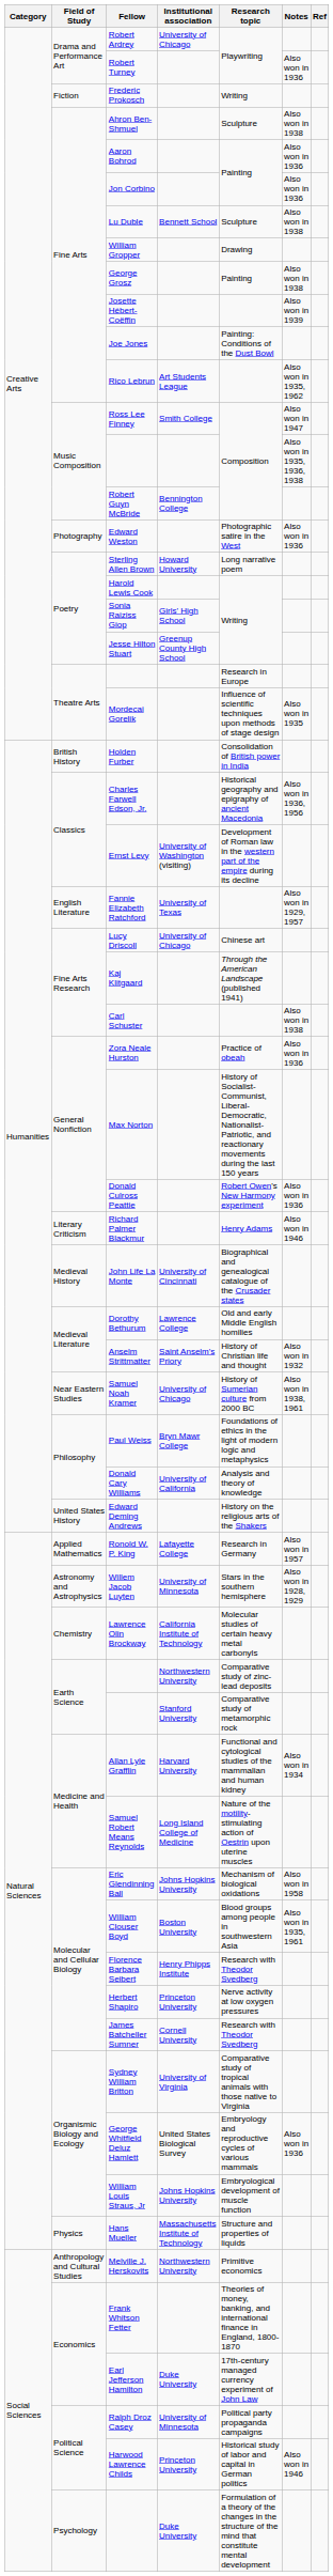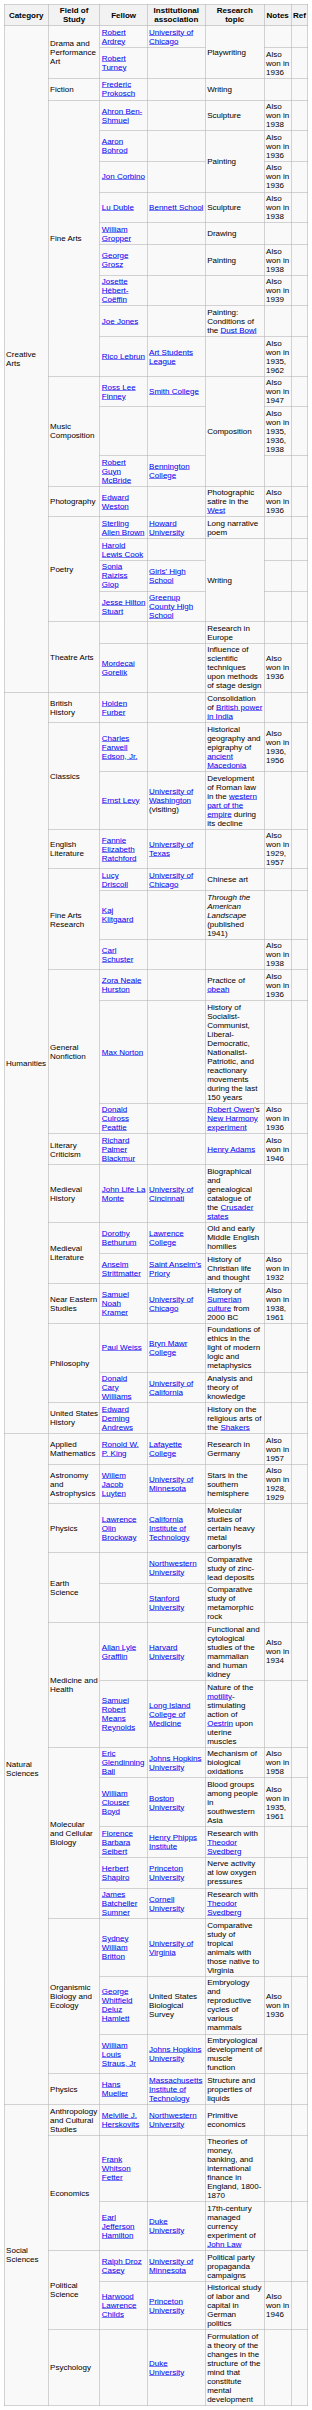 <table class="wikitable sortable static-row-numbers static-row-header-text">
 <tr>
 <th>Category</th>
 <th>Field of Study</th>
 <th>Fellow</th>
 <th>Institutional association </th>
 <th>Research topic</th>
 <th>Notes</th>
 <th class="unsortable">Ref</th>
 </tr>
 <tr>
 <td rowspan="22">Creative Arts</td>
 <td rowspan="2">Drama and Performance Art</td>
 <td><a href='#'>Robert Ardrey</a></td>
 <td><a href='#'>University of Chicago</a></td>
 <td rowspan="2">Playwriting</td>
 <td></td>
 <td></td>
 </tr>
 <tr>
 <td><a href='#'>Robert Turney</a></td>
 <td></td>
 <td>Also won in 1936</td>
 <td></td>
 </tr>
 <tr>
 <td>Fiction</td>
 <td><a href='#'>Frederic Prokosch</a></td>
 <td></td>
 <td>Writing</td>
 <td></td>
 <td></td>
 </tr>
 <tr>
 <td rowspan="9">Fine Arts</td>
 <td><a href='#'>Ahron Ben-Shmuel</a></td>
 <td></td>
 <td>Sculpture</td>
 <td>Also won in 1938</td>
 <td></td>
 </tr>
 <tr>
 <td><a href='#'>Aaron Bohrod</a></td>
 <td></td>
 <td rowspan="2">Painting</td>
 <td>Also won in 1936</td>
 <td></td>
 </tr>
 <tr>
 <td><a href='#'>Jon Corbino</a></td>
 <td></td>
 <td>Also won in 1936</td>
 <td></td>
 </tr>
 <tr>
 <td><a href='#'>Lu Duble</a></td>
 <td><a href='#'>Bennett School</a></td>
 <td>Sculpture</td>
 <td>Also won in 1938</td>
 <td></td>
 </tr>
 <tr>
 <td><a href='#'>William Gropper</a></td>
 <td></td>
 <td>Drawing</td>
 <td></td>
 <td></td>
 </tr>
 <tr>
 <td><a href='#'>George Grosz</a></td>
 <td></td>
 <td>Painting</td>
 <td>Also won in 1938</td>
 <td></td>
 </tr>
 <tr>
 <td><a href='#'>Josette Hébert-Coëffin</a></td>
 <td></td>
 <td></td>
 <td>Also won in 1939</td>
 <td></td>
 </tr>
 <tr>
 <td><a href='#'>Joe Jones</a></td>
 <td></td>
 <td>Painting: Conditions of the <a href='#'>Dust Bowl</a></td>
 <td></td>
 <td></td>
 </tr>
 <tr>
 <td><a href='#'>Rico Lebrun</a></td>
 <td><a href='#'>Art Students League </a></td>
 <td></td>
 <td>Also won in 1935, 1962</td>
 <td></td>
 </tr>
 <tr>
 <td rowspan="3">Music Composition</td>
 <td><a href='#'>Ross Lee Finney</a></td>
 <td><a href='#'>Smith College</a></td>
 <td rowspan="3">Composition</td>
 <td>Also won in 1947</td>
 <td></td>
 </tr>
 <tr>
 <td></td>
 <td></td>
 <td>Also won in 1935, 1936, 1938</td>
 <td></td>
 </tr>
 <tr>
 <td><a href='#'>Robert Guyn McBride</a></td>
 <td><a href='#'>Bennington College</a></td>
 <td></td>
 <td></td>
 </tr>
 <tr>
 <td>Photography</td>
 <td><a href='#'>Edward Weston</a></td>
 <td></td>
 <td>Photographic satire in the <a href='#'>West</a></td>
 <td>Also won in 1936</td>
 <td></td>
 </tr>
 <tr>
 <td rowspan="4">Poetry</td>
 <td><a href='#'>Sterling Allen Brown</a></td>
 <td><a href='#'>Howard University</a></td>
 <td>Long narrative poem</td>
 <td></td>
 <td></td>
 </tr>
 <tr>
 <td><a href='#'>Harold Lewis Cook</a></td>
 <td></td>
 <td rowspan="3">Writing</td>
 <td></td>
 <td></td>
 </tr>
 <tr>
 <td><a href='#'>Sonia Raiziss Giop</a></td>
 <td><a href='#'>Girls' High School</a></td>
 <td></td>
 <td></td>
 </tr>
 <tr>
 <td><a href='#'>Jesse Hilton Stuart</a></td>
 <td><a href='#'>Greenup County High School</a></td>
 <td></td>
 <td></td>
 </tr>
 <tr>
 <td rowspan="2">Theatre Arts</td>
 <td></td>
 <td></td>
 <td>Research in Europe</td>
 <td></td>
 <td></td>
 </tr>
 <tr>
 <td><a href='#'>Mordecai Gorelik</a></td>
 <td></td>
 <td>Influence of scientific techniques upon methods of stage design</td>
-<td>Also won in 1935</td>
+<td>Also won in 1936</td>
 <td></td>
 </tr>
 <tr>
 <td rowspan="18">Humanities</td>
 <td>British History</td>
 <td><a href='#'>Holden Furber</a></td>
 <td></td>
 <td>Consolidation of <a href='#'>British power in India</a></td>
 <td></td>
 <td></td>
 </tr>
 <tr>
 <td rowspan="2">Classics</td>
 <td><a href='#'>Charles Farwell Edson, Jr.</a></td>
 <td></td>
 <td>Historical geography and epigraphy of <a href='#'>ancient Macedonia</a></td>
 <td>Also won in 1936, 1956</td>
 <td></td>
 </tr>
 <tr>
 <td><a href='#'>Ernst Levy</a></td>
 <td><a href='#'>University of Washington</a> (visiting)</td>
 <td>Development of Roman law in the <a href='#'>western part of the empire</a> during its decline</td>
 <td></td>
 <td></td>
 </tr>
 <tr>
 <td>English Literature</td>
 <td><a href='#'>Fannie Elizabeth Ratchford</a></td>
 <td><a href='#'>University of Texas</a></td>
 <td></td>
 <td>Also won in 1929, 1957</td>
 <td></td>
 </tr>
 <tr>
 <td rowspan="3">Fine Arts Research</td>
 <td><a href='#'>Lucy Driscoll</a></td>
 <td><a href='#'>University of Chicago</a></td>
 <td>Chinese art</td>
 <td></td>
 <td></td>
 </tr>
 <tr>
 <td><a href='#'>Kaj Klitgaard</a></td>
 <td></td>
 <td><em>Through the American Landscape</em> (published 1941)</td>
 <td></td>
 <td></td>
 </tr>
 <tr>
 <td><a href='#'>Carl Schuster</a></td>
 <td></td>
 <td></td>
 <td>Also won in 1938</td>
 <td></td>
 </tr>
 <tr>
 <td rowspan="3">General Nonfiction</td>
 <td><a href='#'>Zora Neale Hurston</a></td>
 <td></td>
 <td>Practice of <a href='#'>obeah</a></td>
 <td>Also won in 1936</td>
 <td></td>
 </tr>
 <tr>
 <td><a href='#'>Max Norton</a></td>
 <td></td>
 <td>History of Socialist-Communist, Liberal-Democratic, Nationalist-Patriotic, and reactionary movements during the last 150 years</td>
 <td></td>
 <td></td>
 </tr>
 <tr>
 <td><a href='#'>Donald Culross Peattie</a></td>
 <td></td>
 <td><a href='#'>Robert Owen</a>'s <a href='#'>New Harmony experiment</a></td>
 <td>Also won in 1936</td>
 <td></td>
 </tr>
 <tr>
 <td>Literary Criticism</td>
 <td><a href='#'>Richard Palmer Blackmur</a></td>
 <td></td>
 <td><a href='#'>Henry Adams</a></td>
 <td>Also won in 1946</td>
 <td></td>
 </tr>
 <tr>
 <td>Medieval History</td>
 <td><a href='#'>John Life La Monte</a></td>
 <td><a href='#'>University of Cincinnati</a></td>
 <td>Biographical and genealogical catalogue of the <a href='#'>Crusader states</a></td>
 <td></td>
 <td></td>
 </tr>
 <tr>
 <td rowspan="2">Medieval Literature</td>
 <td><a href='#'>Dorothy Bethurum</a></td>
 <td><a href='#'>Lawrence College</a></td>
 <td>Old and early Middle English homilies</td>
 <td></td>
 <td></td>
 </tr>
 <tr>
 <td><a href='#'>Anselm Strittmatter</a></td>
 <td><a href='#'>Saint Anselm's Priory</a></td>
 <td>History of Christian life and thought</td>
 <td>Also won in 1932</td>
 <td></td>
 </tr>
 <tr>
 <td>Near Eastern Studies</td>
 <td><a href='#'>Samuel Noah Kramer</a></td>
 <td><a href='#'>University of Chicago</a></td>
 <td>History of <a href='#'>Sumerian culture</a> from 2000 BC</td>
 <td>Also won in 1938, 1961</td>
 <td></td>
 </tr>
 <tr>
 <td rowspan="2">Philosophy</td>
 <td><a href='#'>Paul Weiss</a></td>
 <td><a href='#'>Bryn Mawr College</a></td>
 <td>Foundations of ethics in the light of modern logic and metaphysics</td>
 <td></td>
 <td></td>
 </tr>
 <tr>
 <td><a href='#'>Donald Cary Williams</a></td>
 <td><a href='#'>University of California</a></td>
 <td>Analysis and theory of knowledge</td>
 <td></td>
 <td></td>
 </tr>
 <tr>
 <td>United States History</td>
 <td><a href='#'>Edward Deming Andrews</a></td>
 <td></td>
 <td>History on the religious arts of the <a href='#'>Shakers</a></td>
 <td></td>
 <td></td>
 </tr>
 <tr>
 <td rowspan="16">Natural Sciences</td>
 <td>Applied Mathematics</td>
 <td><a href='#'>Ronold W. P. King</a></td>
 <td><a href='#'>Lafayette College</a></td>
 <td>Research in Germany</td>
 <td>Also won in 1957</td>
 <td></td>
 </tr>
 <tr>
 <td>Astronomy and Astrophysics</td>
 <td><a href='#'>Willem Jacob Luyten</a></td>
 <td><a href='#'>University of Minnesota</a></td>
 <td>Stars in the southern hemisphere</td>
 <td>Also won in 1928, 1929</td>
 <td></td>
 </tr>
 <tr>
-<td>Chemistry</td>
+<td>Physics</td>
 <td><a href='#'>Lawrence Olin Brockway</a></td>
 <td><a href='#'>California Institute of Technology</a></td>
 <td>Molecular studies of certain heavy metal carbonyls</td>
 <td></td>
 <td></td>
 </tr>
 <tr>
 <td rowspan="2">Earth Science</td>
 <td></td>
 <td><a href='#'>Northwestern University</a></td>
 <td>Comparative study of zinc-lead deposits</td>
 <td></td>
 <td></td>
 </tr>
 <tr>
 <td></td>
 <td><a href='#'>Stanford University</a></td>
 <td>Comparative study of metamorphic rock</td>
 <td></td>
 <td></td>
 </tr>
 <tr>
 <td rowspan="2">Medicine and Health</td>
 <td><a href='#'>Allan Lyle Grafflin</a></td>
 <td><a href='#'>Harvard University</a></td>
 <td>Functional and cytological studies of the mammalian and human kidney</td>
 <td>Also won in 1934</td>
 <td></td>
 </tr>
 <tr>
 <td><a href='#'>Samuel Robert Means Reynolds</a></td>
 <td><a href='#'>Long Island College of Medicine</a></td>
 <td>Nature of the <a href='#'>motility</a>-stimulating action of <a href='#'>Oestrin</a> upon uterine muscles</td>
 <td></td>
 </tr>
 <tr>
 <td rowspan="5">Molecular and Cellular Biology</td>
 <td><a href='#'>Eric Glendinning Ball</a></td>
 <td><a href='#'>Johns Hopkins University</a></td>
 <td>Mechanism of biological oxidations</td>
 <td>Also won in 1958</td>
 <td></td>
 </tr>
 <tr>
 <td><a href='#'>William Clouser Boyd</a></td>
 <td><a href='#'>Boston University</a></td>
 <td>Blood groups among people in southwestern Asia</td>
 <td>Also won in 1935, 1961</td>
 <td></td>
 </tr>
 <tr>
 <td><a href='#'>Florence Barbara Seibert</a></td>
 <td><a href='#'>Henry Phipps Institute</a></td>
 <td>Research with <a href='#'>Theodor Svedberg</a></td>
 <td></td>
 <td></td>
 </tr>
 <tr>
 <td><a href='#'>Herbert Shapiro</a></td>
 <td><a href='#'>Princeton University</a></td>
 <td>Nerve activity at low oxygen pressures</td>
 <td></td>
 <td></td>
 </tr>
 <tr>
 <td><a href='#'>James Batcheller Sumner</a></td>
 <td><a href='#'>Cornell University</a></td>
 <td>Research with <a href='#'>Theodor Svedberg</a></td>
 <td></td>
 <td></td>
 </tr>
 <tr>
 <td rowspan="3">Organismic Biology and Ecology</td>
 <td><a href='#'>Sydney William Britton</a></td>
 <td><a href='#'>University of Virginia</a></td>
 <td>Comparative study of tropical animals with those native to Virginia</td>
 <td></td>
 <td></td>
 </tr>
 <tr>
 <td><a href='#'>George Whitfield Deluz Hamlett</a></td>
 <td>United States Biological Survey</td>
 <td>Embryology and reproductive cycles of various mammals</td>
 <td>Also won in 1936</td>
 <td></td>
 </tr>
 <tr>
 <td><a href='#'>William Louis Straus, Jr</a></td>
 <td><a href='#'>Johns Hopkins University</a></td>
 <td>Embryological development of muscle function</td>
 <td></td>
 <td></td>
 </tr>
 <tr>
 <td>Physics</td>
 <td><a href='#'>Hans Mueller</a></td>
 <td><a href='#'>Massachusetts Institute of Technology</a></td>
 <td>Structure and properties of liquids</td>
 <td></td>
 <td></td>
 </tr>
 <tr>
 <td rowspan="6">Social Sciences</td>
 <td>Anthropology and Cultural Studies</td>
 <td><a href='#'>Melville J. Herskovits</a></td>
 <td><a href='#'>Northwestern University</a></td>
 <td>Primitive economics</td>
 <td></td>
 <td></td>
 </tr>
 <tr>
 <td rowspan="2">Economics</td>
 <td><a href='#'>Frank Whitson Fetter</a></td>
 <td></td>
 <td>Theories of money, banking, and international finance in England, 1800-1870</td>
 <td></td>
 <td></td>
 </tr>
 <tr>
 <td><a href='#'>Earl Jefferson Hamilton</a></td>
 <td><a href='#'>Duke University</a></td>
 <td>17th-century managed currency experiment of <a href='#'>John Law</a></td>
 <td></td>
 <td></td>
 </tr>
 <tr>
 <td rowspan="2">Political Science</td>
 <td><a href='#'>Ralph Droz Casey</a></td>
 <td><a href='#'>University of Minnesota</a></td>
 <td>Political party propaganda campaigns</td>
 <td></td>
 <td></td>
 </tr>
 <tr>
 <td><a href='#'>Harwood Lawrence Childs</a></td>
 <td><a href='#'>Princeton University</a></td>
 <td>Historical study of labor and capital in German politics</td>
 <td>Also won in 1946</td>
 <td></td>
 </tr>
 <tr>
 <td>Psychology</td>
 <td></td>
 <td><a href='#'>Duke University</a></td>
 <td>Formulation of a theory of the changes in the structure of the mind that constitute mental development</td>
 <td></td>
 <td></td>
 </tr>
 </table>
